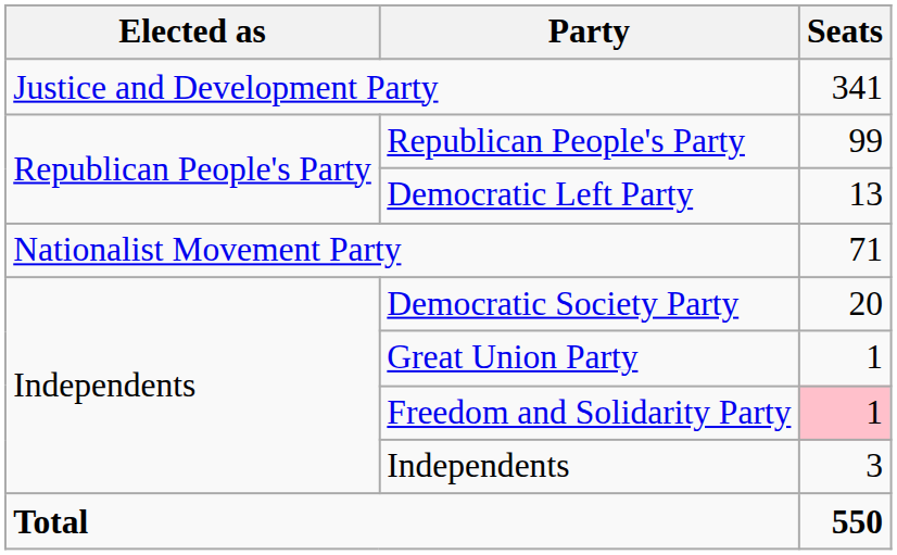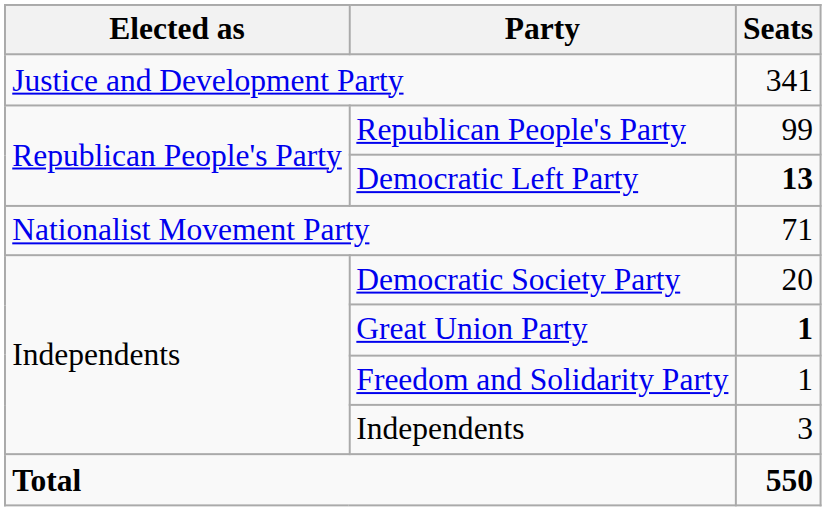 <table class=wikitable>
 <tr>
 <th>Elected as</th>
 <th>Party</th>
 <th>Seats</th>
 </tr>
 <tr>
 <td colspan=2><a href='#'>Justice and Development Party</a></td>
 <td align=right>341</td>
 </tr>
 <tr>
 <td rowspan=2><a href='#'>Republican People's Party</a></td>
 <td><a href='#'>Republican People's Party</a></td>
 <td align=right>99</td>
 </tr>
 <tr>
 <td><a href='#'>Democratic Left Party</a></td>
-<td align=right>13</td>
+<td align=right><strong>13</strong></td>
 </tr>
 <tr>
 <td colspan=2><a href='#'>Nationalist Movement Party</a></td>
 <td align=right>71</td>
 </tr>
 <tr>
 <td rowspan=4>Independents</td>
 <td><a href='#'>Democratic Society Party</a></td>
 <td align=right>20</td>
 </tr>
 <tr>
 <td><a href='#'>Great Union Party</a></td>
-<td align=right>1</td>
+<td align=right><strong>1</strong></td>
 </tr>
 <tr>
 <td><a href='#'>Freedom and Solidarity Party</a></td>
-<td align=right style="background: pink;">1</td>
+<td align=right>1</td>
 </tr>
 <tr>
 <td>Independents</td>
 <td align=right>3</td>
 </tr>
 <tr>
 <td colspan=2><strong>Total</strong></td>
 <td align=right><strong>550</strong></td>
 </tr>
 </table>
